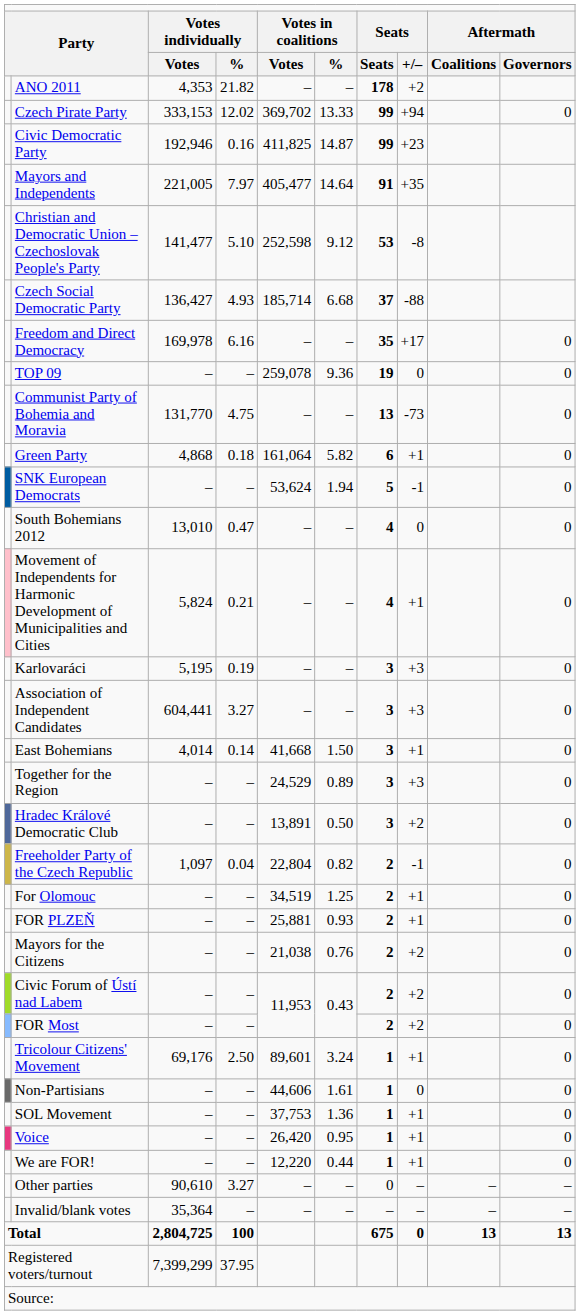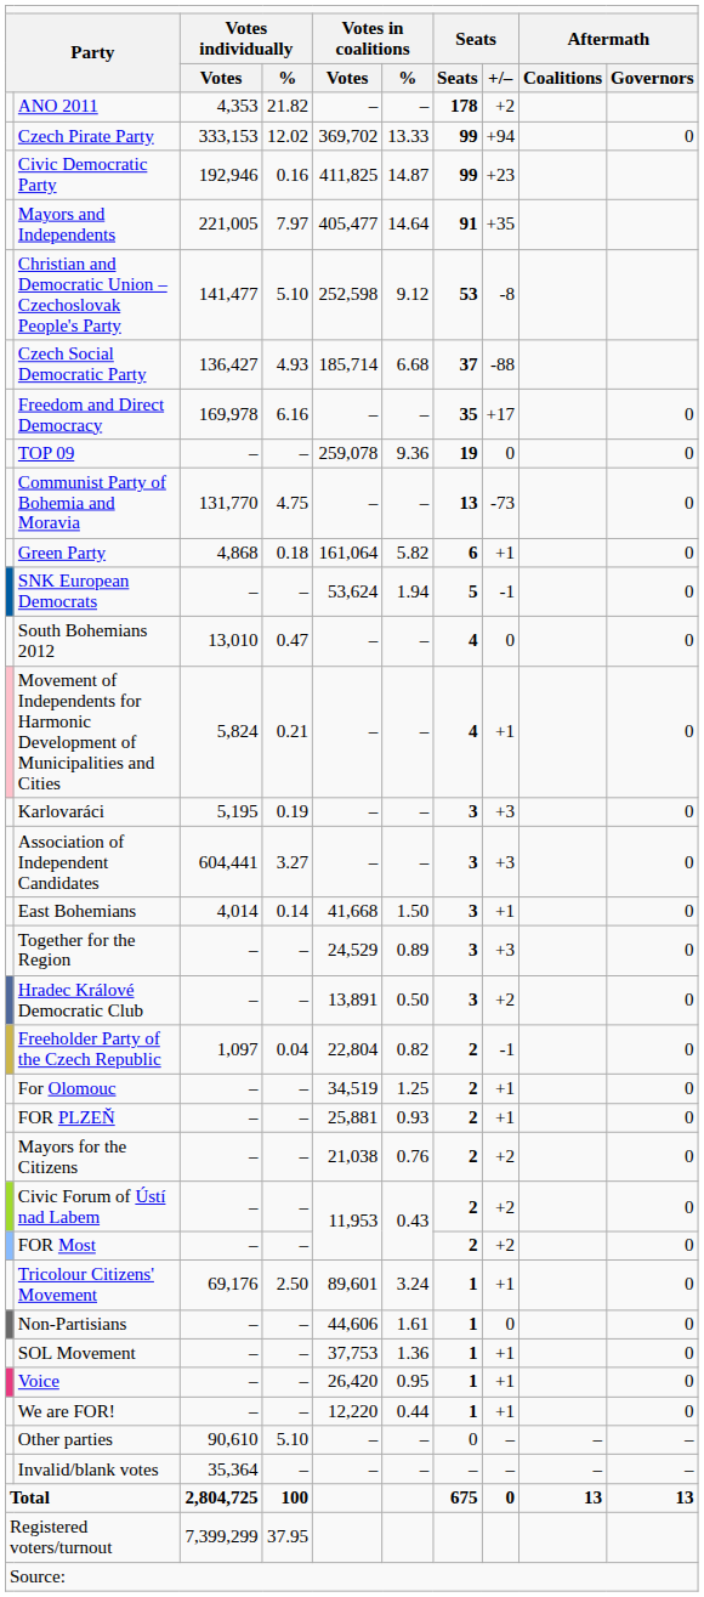 <table class="wikitable sortable" style="text-align:right">
 <tr>
 <td colspan=10></td>
 </tr>
 <tr>
 <th colspan=2 rowspan=2>Party</th>
 <th colspan=2>Votes individually</th>
 <th colspan=2>Votes in coalitions</th>
 <th colspan=2>Seats</th>
 <th colspan=2>Aftermath</th>
 </tr>
 <tr>
 <th>Votes</th>
 <th>%</th>
 <th>Votes</th>
 <th>%</th>
 <th>Seats</th>
 <th>+/–</th>
 <th>Coalitions</th>
 <th>Governors</th>
 </tr>
 <tr>
 <td style="color:inherit;background:"></td>
 <td align=left><a href='#'>ANO 2011</a></td>
 <td>4,353</td>
 <td>21.82</td>
 <td>–</td>
 <td>–</td>
 <td><strong>178</strong></td>
 <td>+2</td>
 <td></td>
 <td></td>
 </tr>
 <tr>
 <td style="color:inherit;background:"></td>
 <td align=left><a href='#'>Czech Pirate Party</a></td>
 <td>333,153</td>
 <td>12.02</td>
 <td>369,702</td>
 <td>13.33</td>
 <td><strong>99</strong></td>
 <td>+94</td>
 <td></td>
 <td>0</td>
 </tr>
 <tr>
 <td style="color:inherit;background:"></td>
 <td align=left><a href='#'>Civic Democratic Party</a></td>
 <td>192,946</td>
 <td>0.16</td>
 <td>411,825</td>
 <td>14.87</td>
 <td><strong>99</strong></td>
 <td>+23</td>
 <td></td>
 <td></td>
 </tr>
 <tr>
 <td style="color:inherit;background:"></td>
 <td align=left><a href='#'>Mayors and Independents</a></td>
 <td>221,005</td>
 <td>7.97</td>
 <td>405,477</td>
 <td>14.64</td>
 <td><strong>91</strong></td>
 <td>+35</td>
 <td></td>
 <td></td>
 </tr>
 <tr>
 <td style="color:inherit;background:"></td>
 <td align=left><a href='#'>Christian and Democratic Union – Czechoslovak People's Party</a></td>
 <td>141,477</td>
 <td>5.10</td>
 <td>252,598</td>
 <td>9.12</td>
 <td><strong>53</strong></td>
 <td>-8</td>
 <td></td>
 <td></td>
 </tr>
 <tr>
 <td style="color:inherit;background:"></td>
 <td align=left><a href='#'>Czech Social Democratic Party</a></td>
 <td>136,427</td>
 <td>4.93</td>
 <td>185,714</td>
 <td>6.68</td>
 <td><strong>37</strong></td>
 <td>-88</td>
 <td></td>
 <td></td>
 </tr>
 <tr>
 <td style="color:inherit;background:"></td>
 <td align=left><a href='#'>Freedom and Direct Democracy</a></td>
 <td>169,978</td>
 <td>6.16</td>
 <td>–</td>
 <td>–</td>
 <td><strong>35</strong></td>
 <td>+17</td>
 <td></td>
 <td>0</td>
 </tr>
 <tr>
 <td style="color:inherit;background:"></td>
 <td align=left><a href='#'>TOP 09</a></td>
 <td>–</td>
 <td>–</td>
 <td>259,078</td>
 <td>9.36</td>
 <td><strong>19</strong></td>
 <td>0</td>
 <td></td>
 <td>0</td>
 </tr>
 <tr>
 <td style="color:inherit;background:"></td>
 <td align=left><a href='#'>Communist Party of Bohemia and Moravia</a></td>
 <td>131,770</td>
 <td>4.75</td>
 <td>–</td>
 <td>–</td>
 <td><strong>13</strong></td>
 <td>-73</td>
 <td></td>
 <td>0</td>
 </tr>
 <tr>
 <td style="color:inherit;background:"></td>
 <td align=left><a href='#'>Green Party</a></td>
 <td>4,868</td>
 <td>0.18</td>
 <td>161,064</td>
 <td>5.82</td>
 <td><strong>6</strong></td>
 <td>+1</td>
 <td></td>
 <td>0</td>
 </tr>
 <tr>
 <td style="background:#005CA1;"></td>
 <td align=left><a href='#'>SNK European Democrats</a></td>
 <td>–</td>
 <td>–</td>
 <td>53,624</td>
 <td>1.94</td>
 <td><strong>5</strong></td>
 <td>-1</td>
 <td></td>
 <td>0</td>
 </tr>
 <tr>
 <td></td>
 <td align=left>South Bohemians 2012</td>
 <td>13,010</td>
 <td>0.47</td>
 <td>–</td>
 <td>–</td>
 <td><strong>4</strong></td>
 <td>0</td>
 <td></td>
 <td>0</td>
 </tr>
 <tr>
 <td style="background:pink;"></td>
 <td align=left>Movement of Independents for Harmonic Development of Municipalities and Cities</td>
 <td>5,824</td>
 <td>0.21</td>
 <td>–</td>
 <td>–</td>
 <td><strong>4</strong></td>
 <td>+1</td>
 <td></td>
 <td>0</td>
 </tr>
 <tr>
 <td></td>
 <td align=left>Karlovaráci</td>
 <td>5,195</td>
 <td>0.19</td>
 <td>–</td>
 <td>–</td>
 <td><strong>3</strong></td>
 <td>+3</td>
 <td></td>
 <td>0</td>
 </tr>
 <tr>
 <td></td>
 <td align=left>Association of Independent Candidates</td>
 <td>604,441</td>
 <td>3.27</td>
 <td>–</td>
 <td>–</td>
 <td><strong>3</strong></td>
 <td>+3</td>
 <td></td>
 <td>0</td>
 </tr>
 <tr>
 <td></td>
 <td align=left>East Bohemians</td>
 <td>4,014</td>
 <td>0.14</td>
 <td>41,668</td>
 <td>1.50</td>
 <td><strong>3</strong></td>
 <td>+1</td>
 <td></td>
 <td>0</td>
 </tr>
 <tr>
 <td></td>
 <td align=left>Together for the Region</td>
 <td>–</td>
 <td>–</td>
 <td>24,529</td>
 <td>0.89</td>
 <td><strong>3</strong></td>
 <td>+3</td>
 <td></td>
 <td>0</td>
 </tr>
 <tr>
 <td style="background:#4F689A;"></td>
 <td align=left><a href='#'>Hradec Králové</a> Democratic Club</td>
 <td>–</td>
 <td>–</td>
 <td>13,891</td>
 <td>0.50</td>
 <td><strong>3</strong></td>
 <td>+2</td>
 <td></td>
 <td>0</td>
 </tr>
 <tr>
 <td style="background:#cdb649;"></td>
 <td align=left><a href='#'>Freeholder Party of the Czech Republic</a></td>
 <td>1,097</td>
 <td>0.04</td>
 <td>22,804</td>
 <td>0.82</td>
 <td><strong>2</strong></td>
 <td>-1</td>
 <td></td>
 <td>0</td>
 </tr>
 <tr>
 <td></td>
 <td align=left>For <a href='#'>Olomouc</a></td>
 <td>–</td>
 <td>–</td>
 <td>34,519</td>
 <td>1.25</td>
 <td><strong>2</strong></td>
 <td>+1</td>
 <td></td>
 <td>0</td>
 </tr>
 <tr>
 <td></td>
 <td align=left>FOR <a href='#'>PLZEŇ</a></td>
 <td>–</td>
 <td>–</td>
 <td>25,881</td>
 <td>0.93</td>
 <td><strong>2</strong></td>
 <td>+1</td>
 <td></td>
 <td>0</td>
 </tr>
 <tr>
 <td></td>
 <td align=left>Mayors for the Citizens</td>
 <td>–</td>
 <td>–</td>
 <td>21,038</td>
 <td>0.76</td>
 <td><strong>2</strong></td>
 <td>+2</td>
 <td></td>
 <td>0</td>
 </tr>
 <tr>
 <td style="background:#A0DB2A;"></td>
 <td align=left>Civic Forum of <a href='#'>Ústí nad Labem</a></td>
 <td>–</td>
 <td>–</td>
 <td rowspan=2>11,953</td>
 <td rowspan=2>0.43</td>
 <td><strong>2</strong></td>
 <td>+2</td>
 <td></td>
 <td>0</td>
 </tr>
 <tr>
 <td style="background:#87BBFF;"></td>
 <td align=left>FOR <a href='#'>Most</a></td>
 <td>–</td>
 <td>–</td>
 <td><strong>2</strong></td>
 <td>+2</td>
 <td></td>
 <td>0</td>
 </tr>
 <tr>
 <td style="color:inherit;background:"></td>
 <td align=left><a href='#'>Tricolour Citizens' Movement</a></td>
 <td>69,176</td>
 <td>2.50</td>
 <td>89,601</td>
 <td>3.24</td>
 <td><strong>1</strong></td>
 <td>+1</td>
 <td></td>
 <td>0</td>
 </tr>
 <tr>
 <td style="background:dimGrey;"></td>
 <td align=left>Non-Partisians</td>
 <td>–</td>
 <td>–</td>
 <td>44,606</td>
 <td>1.61</td>
 <td><strong>1</strong></td>
 <td>0</td>
 <td></td>
 <td>0</td>
 </tr>
 <tr>
 <td></td>
 <td align=left>SOL Movement</td>
 <td>–</td>
 <td>–</td>
 <td>37,753</td>
 <td>1.36</td>
 <td><strong>1</strong></td>
 <td>+1</td>
 <td></td>
 <td>0</td>
 </tr>
 <tr>
 <td style="background:#e8387f;"></td>
 <td align=left><a href='#'>Voice</a></td>
 <td>–</td>
 <td>–</td>
 <td>26,420</td>
 <td>0.95</td>
 <td><strong>1</strong></td>
 <td>+1</td>
 <td></td>
 <td>0</td>
 </tr>
 <tr>
 <td></td>
 <td align=left>We are FOR!</td>
 <td>–</td>
 <td>–</td>
 <td>12,220</td>
 <td>0.44</td>
 <td><strong>1</strong></td>
 <td>+1</td>
 <td></td>
 <td>0</td>
 </tr>
 <tr>
 <td></td>
 <td align=left>Other parties</td>
 <td>90,610</td>
-<td>3.27</td>
+<td>5.10</td>
 <td>–</td>
 <td>–</td>
 <td>0</td>
 <td>–</td>
 <td>–</td>
 <td>–</td>
 </tr>
 <tr>
 <td></td>
 <td align=left>Invalid/blank votes</td>
 <td>35,364</td>
 <td>–</td>
 <td>–</td>
 <td>–</td>
 <td>–</td>
 <td>–</td>
 <td>–</td>
 <td>–</td>
 </tr>
 <tr>
 <td colspan=2 align=left><strong>Total</strong></td>
 <td><strong>2,804,725</strong></td>
 <td><strong>100</strong></td>
 <td></td>
 <td></td>
 <td><strong>675</strong></td>
 <td><strong>0</strong></td>
 <td><strong>13</strong></td>
 <td><strong>13</strong></td>
 </tr>
 <tr>
 <td align=left colspan=2>Registered voters/turnout</td>
 <td>7,399,299</td>
 <td>37.95</td>
 <td></td>
 <td></td>
 <td></td>
 <td></td>
 <td></td>
 <td></td>
 </tr>
 <tr>
 <td colspan=10 align=left>Source: </td>
 </tr>
 </table>
